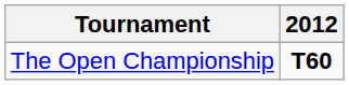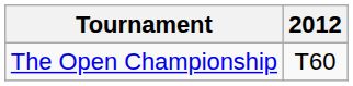 <table class="wikitable" style="font-size:95%;text-align:center;">
 <tr>
 <th>Tournament</th>
 <th>2012</th>
 </tr>
 <tr>
 <td align=left><a href='#'>The Open Championship</a></td>
-<td><strong>T60</strong></td>
+<td>T60</td>
 </tr>
 </table>
